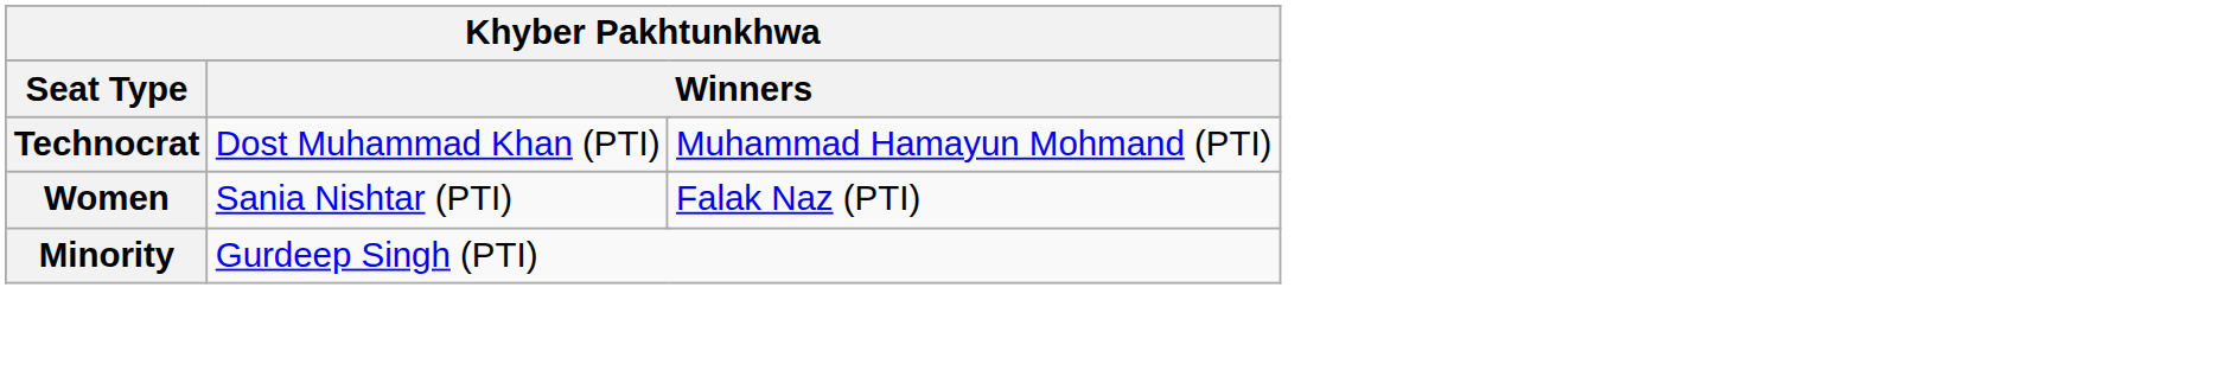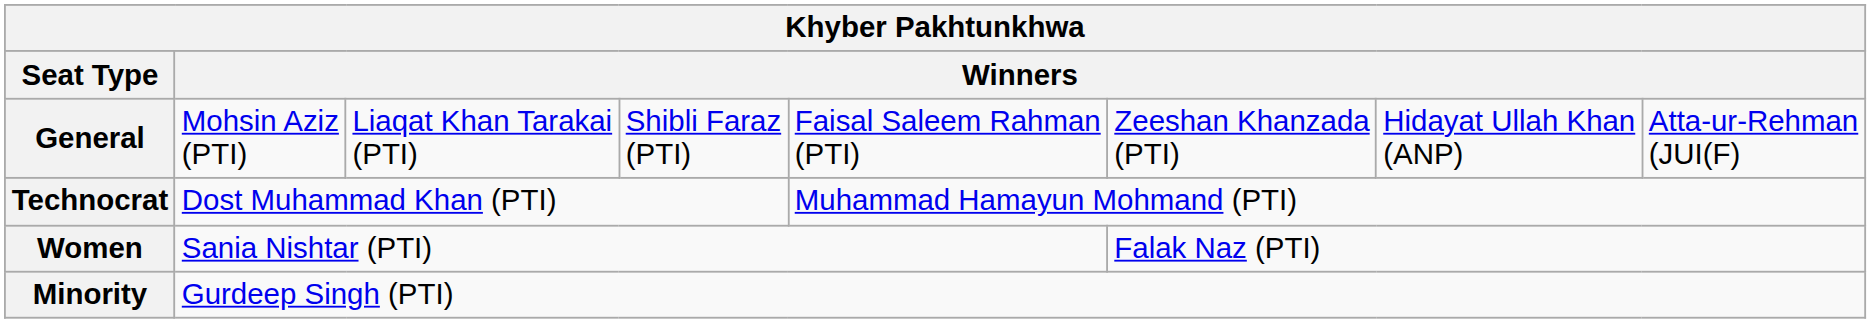 <table class="wikitable">
 <tr>
 <th colspan="8">Khyber Pakhtunkhwa</th>
 </tr>
 <tr>
 <th>Seat Type</th>
 <th colspan="7">Winners</th>
+</tr>
+<tr>
+<th>General</th>
+<td style="background:"><a href='#'>Mohsin Aziz</a><br>(PTI)</td>
+<td style="background:"><a href='#'>Liaqat Khan Tarakai</a><br>(PTI)</td>
+<td style="background:"><a href='#'>Shibli Faraz</a><br>(PTI)</td>
+<td style="background:"><a href='#'>Faisal Saleem Rahman</a><br>(PTI)</td>
+<td style="background:"><a href='#'>Zeeshan Khanzada</a><br>(PTI)</td>
+<td style="background:"><a href='#'>Hidayat Ullah Khan</a><br>(ANP)</td>
+<td style="background:"><a href='#'>Atta-ur-Rehman</a><br>(JUI(F)</td>
 </tr>
 <tr>
 <th>Technocrat</th>
 <td colspan="3" style="background:"><a href='#'>Dost Muhammad Khan</a> (PTI)</td>
 <td colspan="4" style="background:"><a href='#'>Muhammad Hamayun Mohmand</a> (PTI)</td>
 </tr>
 <tr>
 <th>Women</th>
 <td colspan="4" style="background:"><a href='#'>Sania Nishtar</a> (PTI)</td>
 <td colspan="3" style="background:"><a href='#'>Falak Naz</a> (PTI)</td>
 </tr>
 <tr>
 <th>Minority</th>
 <td colspan="7" style="background:"><a href='#'>Gurdeep Singh</a> (PTI)</td>
 </tr>
 </table>
